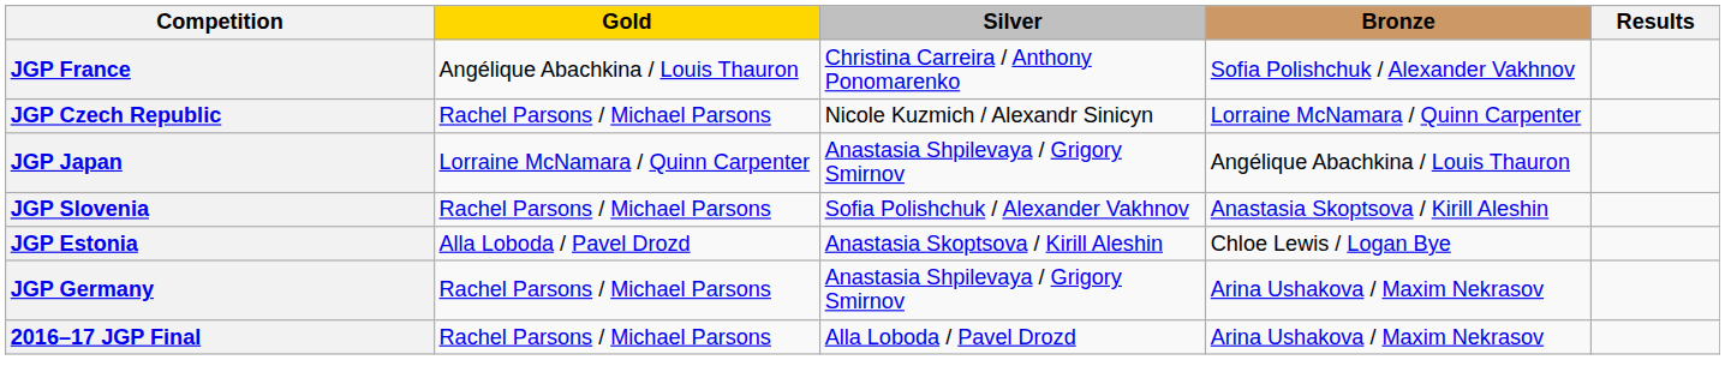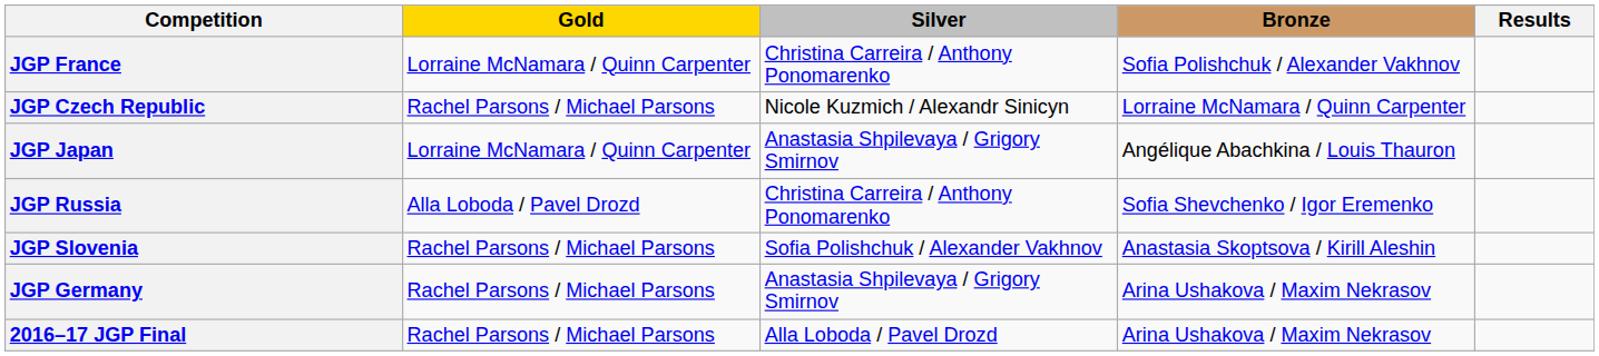 <table class="wikitable unsortable" style="text-align:left; width:100%">
 <tr>
 <th scope="col" style="text-align:center; width:25%;">Competition</th>
 <td scope="col" style="text-align:center; width:22.5%; background:gold"><strong>Gold</strong></td>
 <td scope="col" style="text-align:center; width:22.5%; background:silver"><strong>Silver</strong></td>
 <td scope="col" style="text-align:center; width:22.5%; background:#c96"><strong>Bronze</strong></td>
 <th scope="col" style="text-align:center; width:7.5%;">Results</th>
 </tr>
 <tr>
 <th scope="row" style="text-align:left"> <a href='#'>JGP France</a></th>
-<td> Angélique Abachkina / <a href='#'>Louis Thauron</a></td>
+<td> <a href='#'>Lorraine McNamara</a> / <a href='#'>Quinn Carpenter</a></td>
 <td> <a href='#'>Christina Carreira</a> / <a href='#'>Anthony Ponomarenko</a></td>
 <td> <a href='#'>Sofia Polishchuk</a> / <a href='#'>Alexander Vakhnov</a></td>
 <td></td>
 </tr>
 <tr>
 <th scope="row" style="text-align:left"> <a href='#'>JGP Czech Republic</a></th>
 <td> <a href='#'>Rachel Parsons</a> / <a href='#'>Michael Parsons</a></td>
 <td> Nicole Kuzmich / Alexandr Sinicyn</td>
 <td> <a href='#'>Lorraine McNamara</a> / <a href='#'>Quinn Carpenter</a></td>
 <td></td>
 </tr>
 <tr>
 <th scope="row" style="text-align:left"> <a href='#'>JGP Japan</a></th>
 <td> <a href='#'>Lorraine McNamara</a> / <a href='#'>Quinn Carpenter</a></td>
 <td> <a href='#'>Anastasia Shpilevaya</a> / <a href='#'>Grigory Smirnov</a></td>
 <td> Angélique Abachkina / <a href='#'>Louis Thauron</a></td>
 <td></td>
 </tr>
 <tr>
+<th scope="row" style="text-align:left"> <a href='#'>JGP Russia</a></th>
+<td> <a href='#'>Alla Loboda</a> / <a href='#'>Pavel Drozd</a></td>
+<td> <a href='#'>Christina Carreira</a> / <a href='#'>Anthony Ponomarenko</a></td>
+<td> <a href='#'>Sofia Shevchenko</a> / <a href='#'>Igor Eremenko</a></td>
+<td></td>
+</tr>
+<tr>
 <th scope="row" style="text-align:left"> <a href='#'>JGP Slovenia</a></th>
 <td> <a href='#'>Rachel Parsons</a> / <a href='#'>Michael Parsons</a></td>
 <td> <a href='#'>Sofia Polishchuk</a> / <a href='#'>Alexander Vakhnov</a></td>
 <td> <a href='#'>Anastasia Skoptsova</a> / <a href='#'>Kirill Aleshin</a></td>
-<td></td>
-</tr>
-<tr>
-<th scope="row" style="text-align:left"> <a href='#'>JGP Estonia</a></th>
-<td> <a href='#'>Alla Loboda</a> / <a href='#'>Pavel Drozd</a></td>
-<td> <a href='#'>Anastasia Skoptsova</a> / <a href='#'>Kirill Aleshin</a></td>
-<td> Chloe Lewis / <a href='#'>Logan Bye</a></td>
 <td></td>
 </tr>
 <tr>
 <th scope="row" style="text-align:left"> <a href='#'>JGP Germany</a></th>
 <td> <a href='#'>Rachel Parsons</a> / <a href='#'>Michael Parsons</a></td>
 <td> <a href='#'>Anastasia Shpilevaya</a> / <a href='#'>Grigory Smirnov</a></td>
 <td> <a href='#'>Arina Ushakova</a> / <a href='#'>Maxim Nekrasov</a></td>
 <td></td>
 </tr>
 <tr>
 <th scope="row" style="text-align:left"> <a href='#'>2016–17 JGP Final</a></th>
 <td> <a href='#'>Rachel Parsons</a> / <a href='#'>Michael Parsons</a></td>
 <td> <a href='#'>Alla Loboda</a> / <a href='#'>Pavel Drozd</a></td>
 <td> <a href='#'>Arina Ushakova</a> / <a href='#'>Maxim Nekrasov</a></td>
 <td></td>
 </tr>
 </table>
